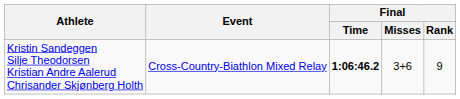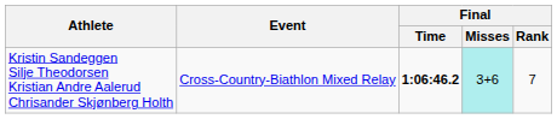 <table class="wikitable">
 <tr>
 <th rowspan="2">Athlete</th>
 <th rowspan="2">Event</th>
 <th colspan="3">Final</th>
 </tr>
 <tr>
 <th>Time</th>
 <th>Misses</th>
 <th>Rank</th>
 </tr>
 <tr>
 <td><a href='#'>Kristin Sandeggen</a><br><a href='#'>Silje Theodorsen</a><br><a href='#'>Kristian Andre Aalerud</a><br><a href='#'>Chrisander Skjønberg Holth</a></td>
 <td><a href='#'>Cross-Country-Biathlon Mixed Relay</a></td>
 <td align="center"><strong>1:06:46.2</strong></td>
-<td align="center">3+6</td>
-<td align="center">9</td>
+<td align="center" style="background: paleturquoise;">3+6</td>
+<td align="center">7</td>
 </tr>
 </table>
